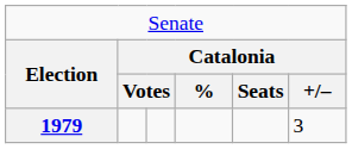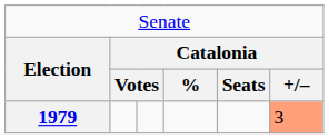 <table class="wikitable" style="font-size:95%; text-align:left;">
 <tr>
 <td colspan="7" align="center"><a href='#'>Senate</a></td>
 </tr>
 <tr>
 <th rowspan="2" width="75">Election</th>
 <th colspan="5">Catalonia</th>
 </tr>
 <tr>
 <th colspan="2">Votes</th>
 <th width="35">%</th>
 <th>Seats</th>
 <th width="35">+/–</th>
 </tr>
 <tr>
 <th><a href='#'>1979</a></th>
 <td></td>
 <td></td>
 <td></td>
 <td></td>
-<td>3</td>
+<td style="background: lightsalmon;">3</td>
 </tr>
 </table>
